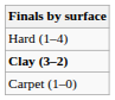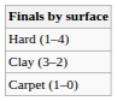 <table class=wikitable style=font-size:90%>
 <tr>
 <th>Finals by surface</th>
 </tr>
 <tr>
 <td>Hard (1–4)</td>
 </tr>
 <tr>
-<td><strong>Clay (3–2)</strong></td>
+<td>Clay (3–2)</td>
 </tr>
 <tr>
 <td>Carpet (1–0)</td>
 </tr>
 </table>
